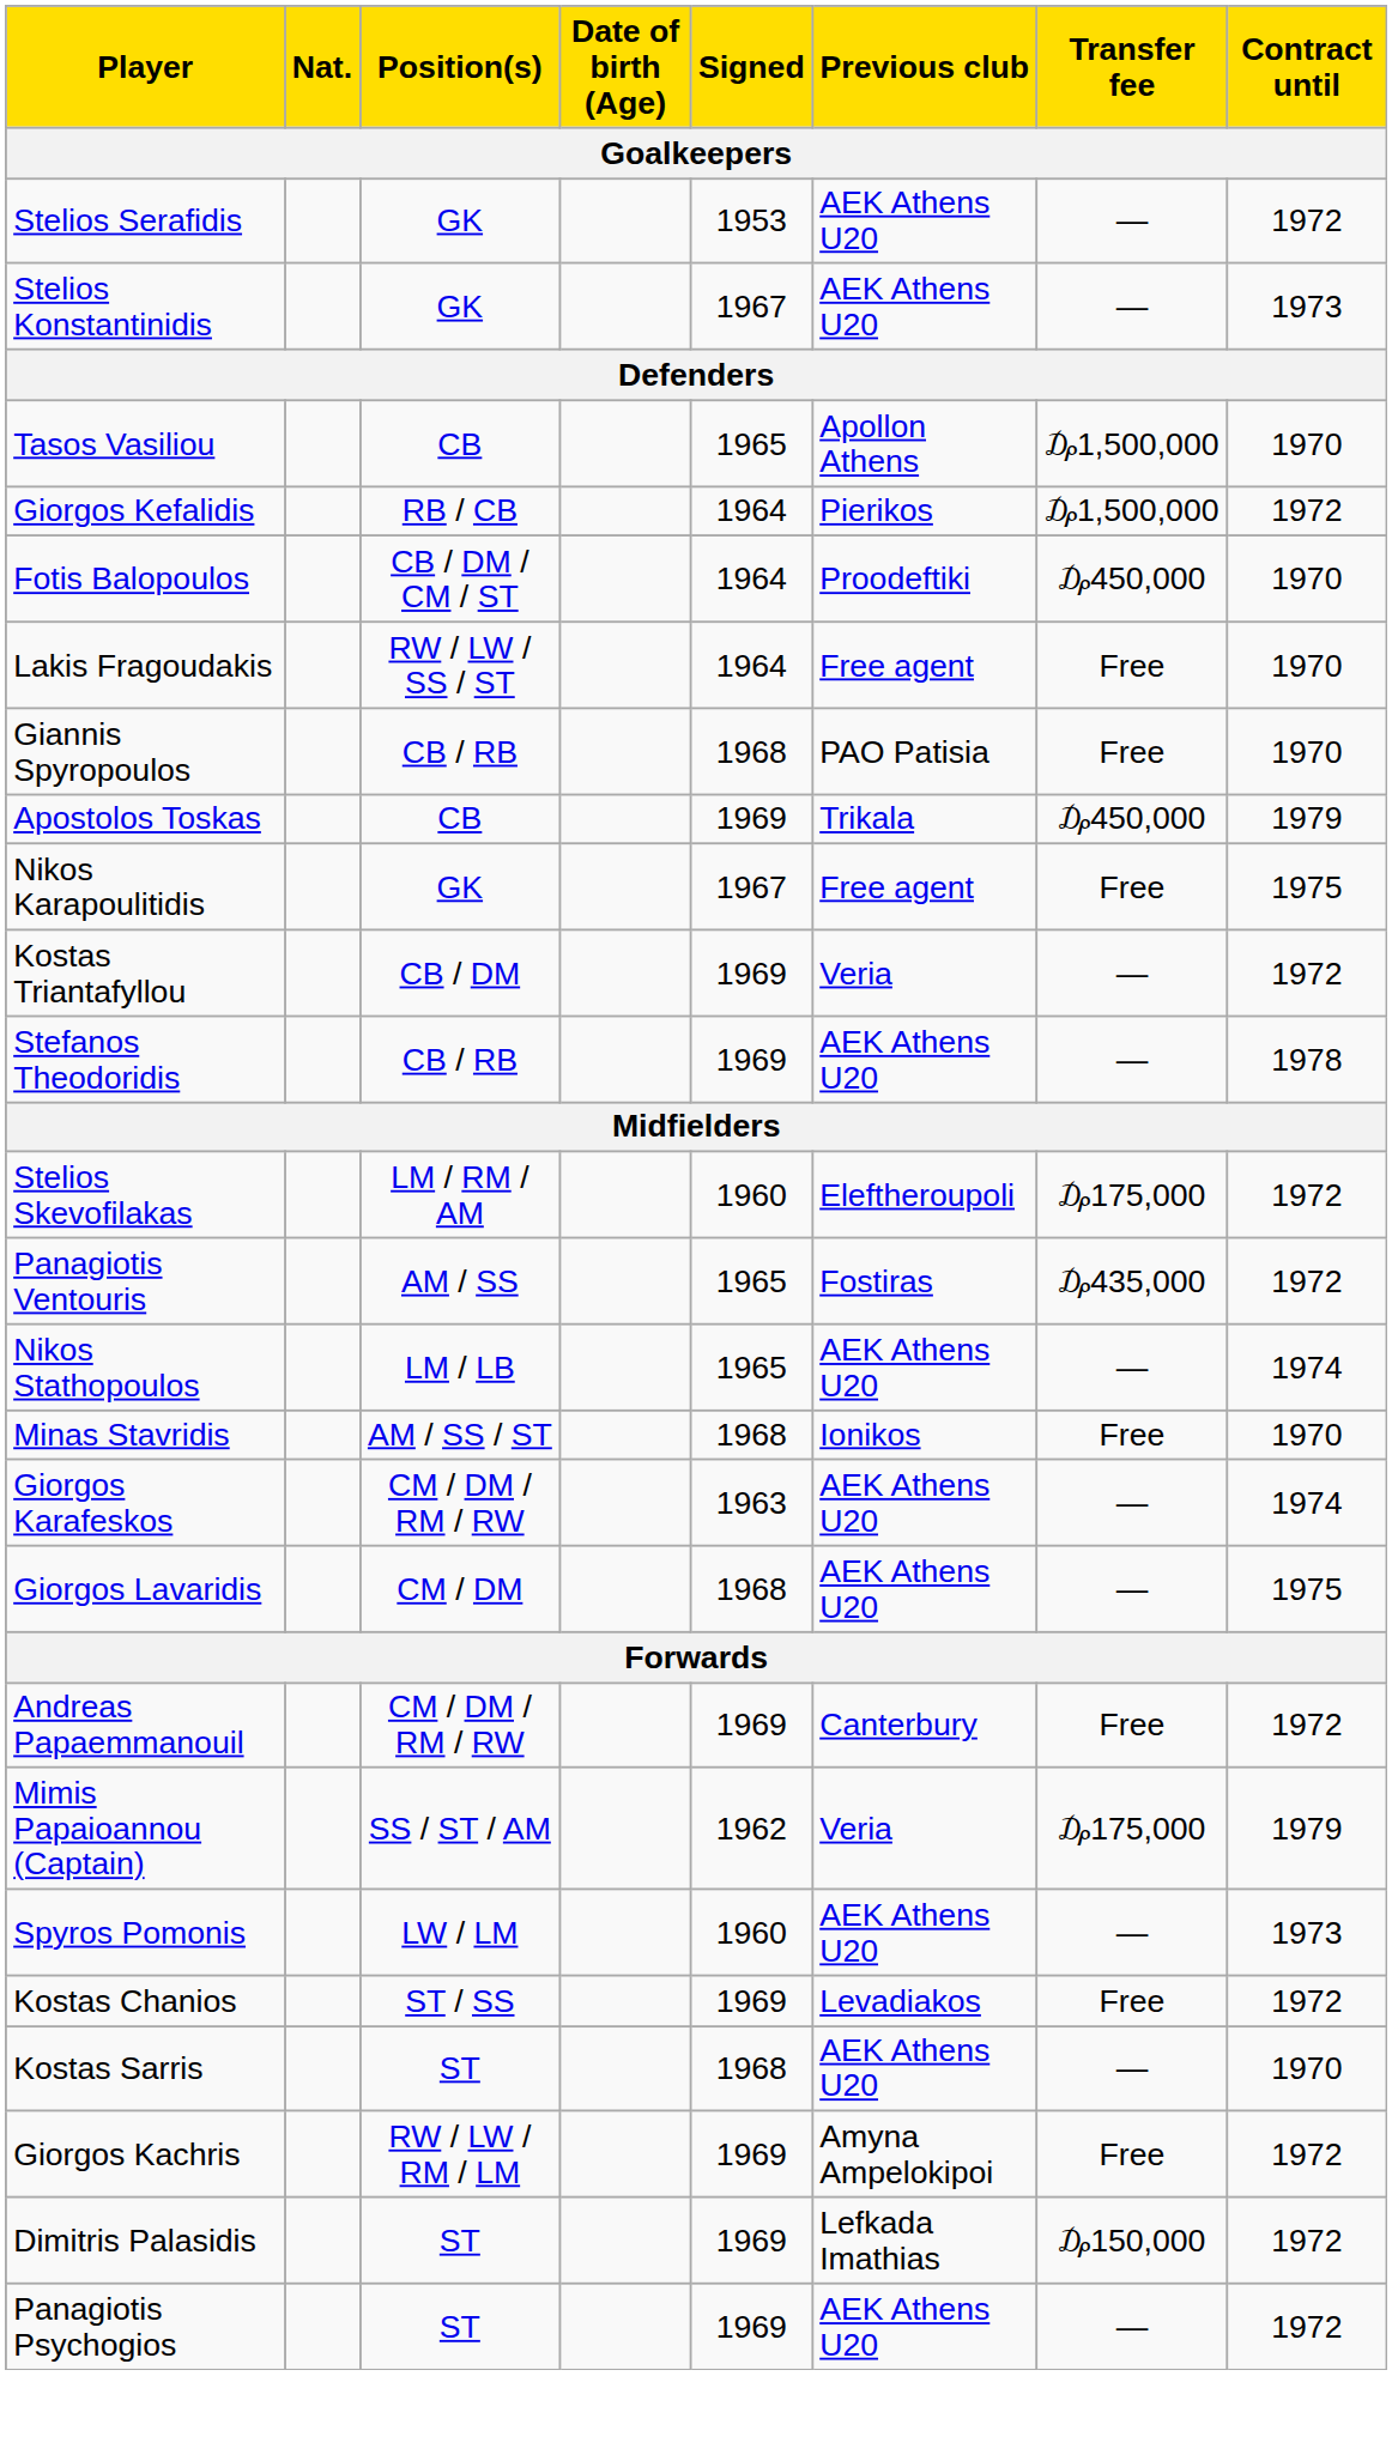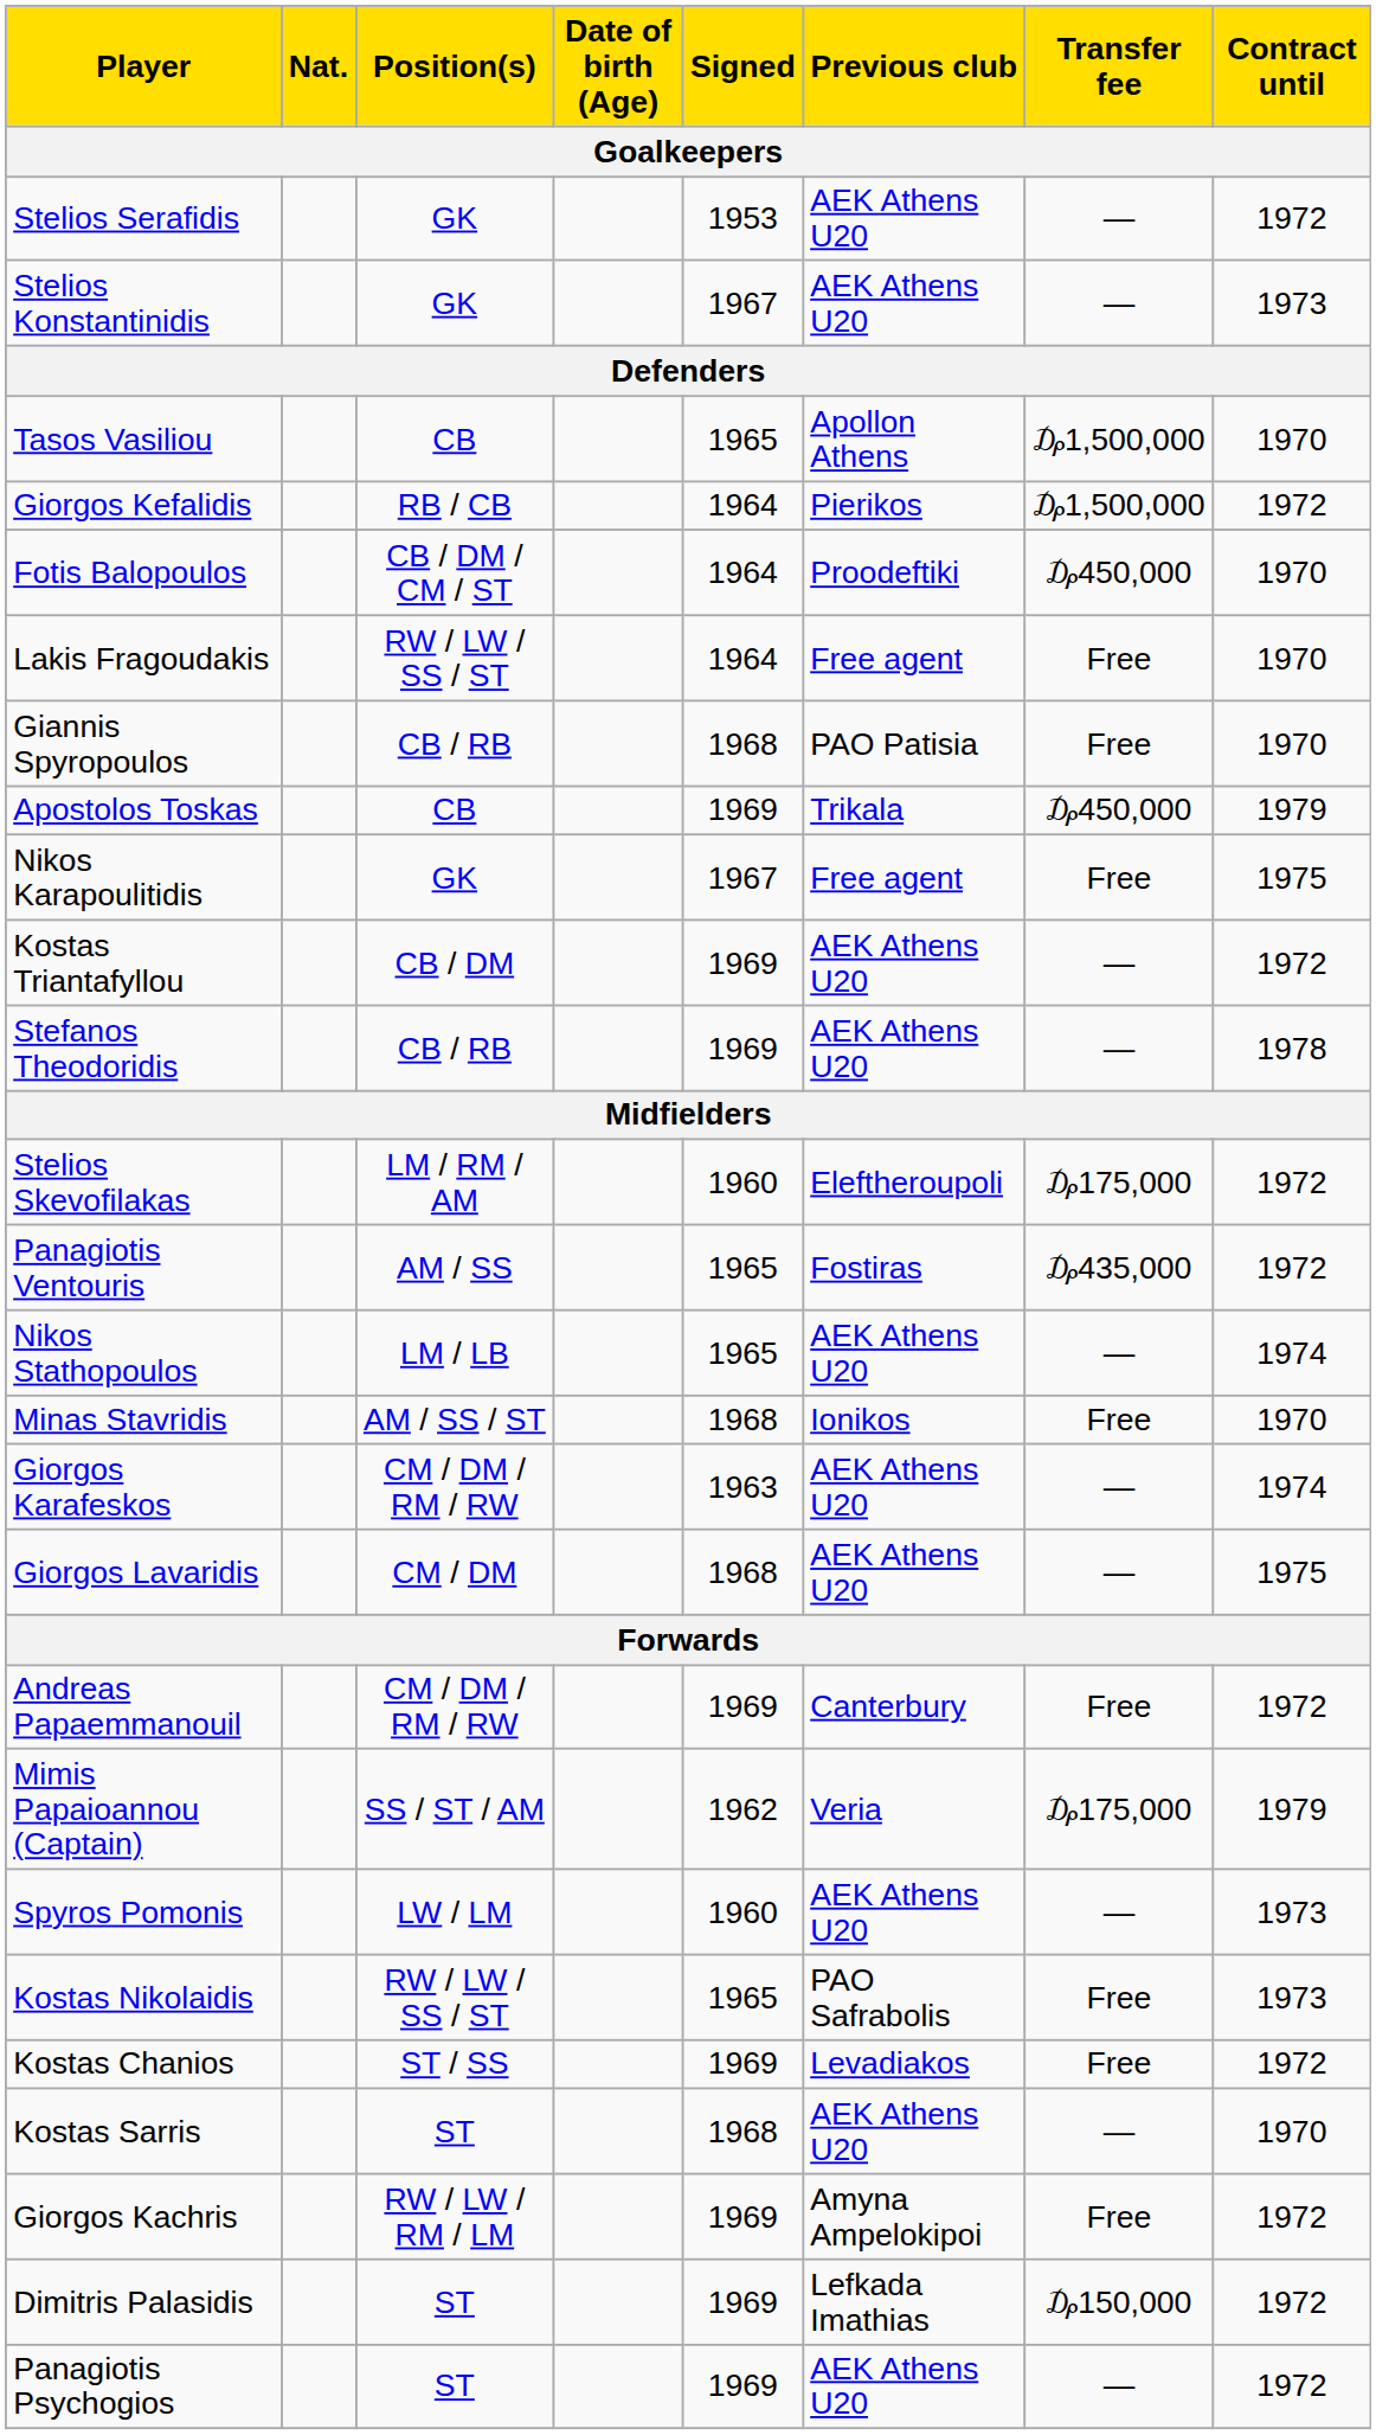 <table class="wikitable" style="text-align:center; font-size:90%;width:100%;">
 <tr>
 <th style="background:#FFDE00">Player</th>
 <th style="background:#FFDE00">Nat.</th>
 <th style="background:#FFDE00">Position(s)</th>
 <th style="background:#FFDE00">Date of birth (Age)</th>
 <th style="background:#FFDE00">Signed</th>
 <th style="background:#FFDE00">Previous club</th>
 <th style="background:#FFDE00">Transfer fee</th>
 <th style="background:#FFDE00">Contract until</th>
 </tr>
 <tr>
 <th colspan="8">Goalkeepers</th>
 </tr>
 <tr>
 <td align=left><a href='#'>Stelios Serafidis</a></td>
 <td></td>
 <td><a href='#'>GK</a></td>
 <td></td>
 <td>1953</td>
 <td align=left> <a href='#'>AEK Athens U20</a></td>
 <td>—</td>
 <td>1972</td>
 </tr>
 <tr>
 <td align=left><a href='#'>Stelios Konstantinidis</a></td>
 <td></td>
 <td><a href='#'>GK</a></td>
 <td></td>
 <td>1967</td>
 <td align=left> <a href='#'>AEK Athens U20</a></td>
 <td>—</td>
 <td>1973</td>
 </tr>
 <tr>
 <th colspan="8">Defenders</th>
 </tr>
 <tr>
 <td align=left><a href='#'>Tasos Vasiliou</a></td>
 <td></td>
 <td><a href='#'>CB</a></td>
 <td></td>
 <td>1965</td>
 <td align=left> <a href='#'>Apollon Athens</a></td>
 <td>₯1,500,000</td>
 <td>1970</td>
 </tr>
 <tr>
 <td align=left><a href='#'>Giorgos Kefalidis</a></td>
 <td></td>
 <td><a href='#'>RB</a> / <a href='#'>CB</a></td>
 <td></td>
 <td>1964</td>
 <td align=left> <a href='#'>Pierikos</a></td>
 <td>₯1,500,000</td>
 <td>1972</td>
 </tr>
 <tr>
 <td align=left><a href='#'>Fotis Balopoulos</a></td>
 <td></td>
 <td><a href='#'>CB</a> / <a href='#'>DM</a> / <a href='#'>CM</a> / <a href='#'>ST</a></td>
 <td></td>
 <td>1964</td>
 <td align=left> <a href='#'>Proodeftiki</a></td>
 <td>₯450,000</td>
 <td>1970</td>
 </tr>
 <tr>
 <td align=left>Lakis Fragoudakis</td>
 <td></td>
 <td><a href='#'>RW</a> / <a href='#'>LW</a> / <a href='#'>SS</a> / <a href='#'>ST</a></td>
 <td></td>
 <td>1964</td>
 <td align=left><a href='#'>Free agent</a></td>
 <td>Free</td>
 <td>1970</td>
 </tr>
 <tr>
 <td align=left>Giannis Spyropoulos</td>
 <td></td>
 <td><a href='#'>CB</a> / <a href='#'>RB</a></td>
 <td></td>
 <td>1968</td>
 <td align=left> PAO Patisia</td>
 <td>Free</td>
 <td>1970</td>
 </tr>
 <tr>
 <td align=left><a href='#'>Apostolos Toskas</a></td>
 <td></td>
 <td><a href='#'>CB</a></td>
 <td></td>
 <td>1969</td>
 <td align=left> <a href='#'>Trikala</a></td>
 <td>₯450,000</td>
 <td>1979</td>
 </tr>
 <tr>
 <td align=left>Nikos Karapoulitidis</td>
 <td></td>
 <td><a href='#'>GK</a></td>
 <td></td>
 <td>1967</td>
 <td align=left><a href='#'>Free agent</a></td>
 <td>Free</td>
 <td>1975</td>
 </tr>
 <tr>
 <td align=left>Kostas Triantafyllou</td>
 <td></td>
 <td><a href='#'>CB</a> / <a href='#'>DM</a></td>
 <td></td>
 <td>1969</td>
-<td align=left> <a href='#'>Veria</a></td>
+<td align=left> <a href='#'>AEK Athens U20</a></td>
 <td>—</td>
 <td>1972</td>
 </tr>
 <tr>
 <td align=left><a href='#'>Stefanos Theodoridis</a></td>
 <td></td>
 <td><a href='#'>CB</a> / <a href='#'>RB</a></td>
 <td></td>
 <td>1969</td>
 <td align=left> <a href='#'>AEK Athens U20</a></td>
 <td>—</td>
 <td>1978</td>
 </tr>
 <tr>
 <th colspan="8">Midfielders</th>
 </tr>
 <tr>
 <td align=left><a href='#'>Stelios Skevofilakas</a></td>
 <td></td>
 <td><a href='#'>LM</a> / <a href='#'>RM</a> / <a href='#'>AM</a></td>
 <td></td>
 <td>1960</td>
 <td align=left> <a href='#'>Eleftheroupoli</a></td>
 <td>₯175,000</td>
 <td>1972</td>
 </tr>
 <tr>
 <td align=left><a href='#'>Panagiotis Ventouris</a></td>
 <td></td>
 <td><a href='#'>AM</a> / <a href='#'>SS</a></td>
 <td></td>
 <td>1965</td>
 <td align=left> <a href='#'>Fostiras</a></td>
 <td>₯435,000</td>
 <td>1972</td>
 </tr>
 <tr>
 <td align=left><a href='#'>Nikos Stathopoulos</a></td>
 <td></td>
 <td><a href='#'>LM</a> / <a href='#'>LB</a></td>
 <td></td>
 <td>1965</td>
 <td align=left> <a href='#'>AEK Athens U20</a></td>
 <td>—</td>
 <td>1974</td>
 </tr>
 <tr>
 <td align=left><a href='#'>Minas Stavridis</a></td>
 <td></td>
 <td><a href='#'>AM</a> / <a href='#'>SS</a> / <a href='#'>ST</a></td>
 <td></td>
 <td>1968</td>
 <td align=left> <a href='#'>Ionikos</a></td>
 <td>Free</td>
 <td>1970</td>
 </tr>
 <tr>
 <td align=left><a href='#'>Giorgos Karafeskos</a></td>
 <td></td>
 <td><a href='#'>CM</a> / <a href='#'>DM</a> / <a href='#'>RM</a> / <a href='#'>RW</a></td>
 <td></td>
 <td>1963</td>
 <td align=left> <a href='#'>AEK Athens U20</a></td>
 <td>—</td>
 <td>1974</td>
 </tr>
 <tr>
 <td align=left><a href='#'>Giorgos Lavaridis</a></td>
 <td></td>
 <td><a href='#'>CM</a> / <a href='#'>DM</a></td>
 <td></td>
 <td>1968</td>
 <td align=left> <a href='#'>AEK Athens U20</a></td>
 <td>—</td>
 <td>1975</td>
 </tr>
 <tr>
 <th colspan="8">Forwards</th>
 </tr>
 <tr>
 <td align=left><a href='#'>Andreas Papaemmanouil</a></td>
 <td></td>
 <td><a href='#'>CM</a> / <a href='#'>DM</a> / <a href='#'>RM</a> / <a href='#'>RW</a></td>
 <td></td>
 <td>1969</td>
 <td align=left> <a href='#'>Canterbury</a></td>
 <td>Free</td>
 <td>1972</td>
 </tr>
 <tr>
 <td align=left><a href='#'>Mimis Papaioannou</a> <a href='#'>(Captain)</a></td>
 <td></td>
 <td><a href='#'>SS</a> / <a href='#'>ST</a> / <a href='#'>AM</a></td>
 <td></td>
 <td>1962</td>
 <td align=left> <a href='#'>Veria</a></td>
 <td>₯175,000</td>
 <td>1979</td>
 </tr>
 <tr>
 <td align=left><a href='#'>Spyros Pomonis</a></td>
 <td></td>
 <td><a href='#'>LW</a> / <a href='#'>LM</a></td>
 <td></td>
 <td>1960</td>
 <td align=left> <a href='#'>AEK Athens U20</a></td>
 <td>—</td>
 <td>1973</td>
 </tr>
 <tr>
+<td align=left><a href='#'>Kostas Nikolaidis</a></td>
+<td></td>
+<td><a href='#'>RW</a> / <a href='#'>LW</a> / <a href='#'>SS</a> / <a href='#'>ST</a></td>
+<td></td>
+<td>1965</td>
+<td align=left> PAO Safrabolis</td>
+<td>Free</td>
+<td>1973</td>
+</tr>
+<tr>
 <td align=left>Kostas Chanios</td>
 <td></td>
 <td><a href='#'>ST</a> / <a href='#'>SS</a></td>
 <td></td>
 <td>1969</td>
 <td align=left> <a href='#'>Levadiakos</a></td>
 <td>Free</td>
 <td>1972</td>
 </tr>
 <tr>
 <td align=left>Kostas Sarris</td>
 <td></td>
 <td><a href='#'>ST</a></td>
 <td></td>
 <td>1968</td>
 <td align=left> <a href='#'>AEK Athens U20</a></td>
 <td>—</td>
 <td>1970</td>
 </tr>
 <tr>
 <td align=left>Giorgos Kachris</td>
 <td></td>
 <td><a href='#'>RW</a> / <a href='#'>LW</a> / <a href='#'>RM</a> / <a href='#'>LM</a></td>
 <td></td>
 <td>1969</td>
 <td align=left> Amyna Ampelokipoi</td>
 <td>Free</td>
 <td>1972</td>
 </tr>
 <tr>
 <td align=left>Dimitris Palasidis</td>
 <td></td>
 <td><a href='#'>ST</a></td>
 <td></td>
 <td>1969</td>
 <td align=left> Lefkada Imathias</td>
 <td>₯150,000</td>
 <td>1972</td>
 </tr>
 <tr>
 <td align=left>Panagiotis Psychogios</td>
 <td></td>
 <td><a href='#'>ST</a></td>
 <td></td>
 <td>1969</td>
 <td align=left> <a href='#'>AEK Athens U20</a></td>
 <td>—</td>
 <td>1972</td>
 </tr>
 </table>
